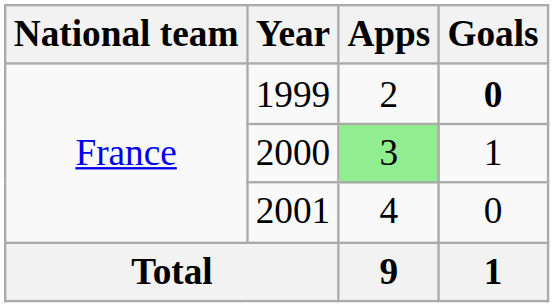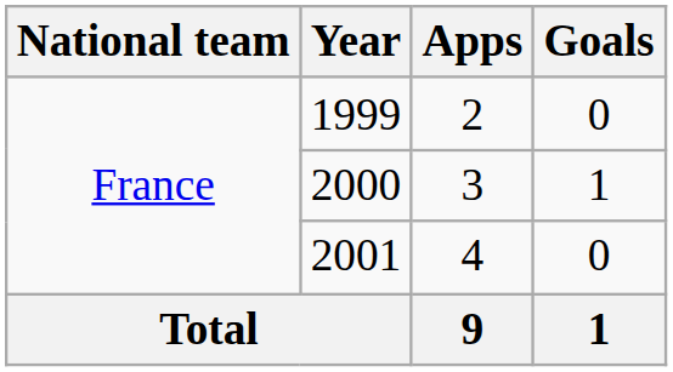 <table class="wikitable" style="text-align:center">
 <tr>
 <th>National team</th>
 <th>Year</th>
 <th>Apps</th>
 <th>Goals</th>
 </tr>
 <tr>
 <td rowspan="3"><a href='#'>France</a></td>
 <td>1999</td>
 <td>2</td>
-<td><strong>0</strong></td>
+<td>0</td>
 </tr>
 <tr>
 <td>2000</td>
-<td style="background: lightgreen;">3</td>
+<td>3</td>
 <td>1</td>
 </tr>
 <tr>
 <td>2001</td>
 <td>4</td>
 <td>0</td>
 </tr>
 <tr>
 <th colspan="2">Total</th>
 <th>9</th>
 <th>1</th>
 </tr>
 </table>
